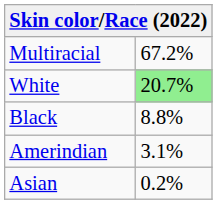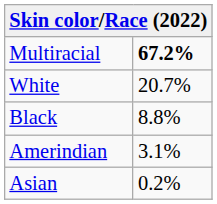 <table class="wikitable" table style="border:1px #000000;" cellspacing="0" align="centre" style="margin-left: 1em">
 <tr>
 <th style="background:#f0f0f0;" colspan="2"><a href='#'>Skin color</a>/<a href='#'>Race</a> (2022)</th>
 </tr>
 <tr>
 <td><a href='#'>Multiracial</a></td>
-<td>67.2%</td>
+<td><strong>67.2%</strong></td>
 </tr>
 <tr>
 <td><a href='#'>White</a></td>
-<td style="background: lightgreen;">20.7%</td>
+<td>20.7%</td>
 </tr>
 <tr>
 <td><a href='#'>Black</a></td>
 <td>8.8%</td>
 </tr>
 <tr>
 <td><a href='#'>Amerindian</a></td>
 <td>3.1%</td>
 </tr>
 <tr>
 <td><a href='#'>Asian</a></td>
 <td>0.2%</td>
 </tr>
 <tr>
 </tr>
 </table>
